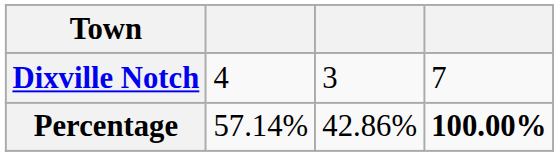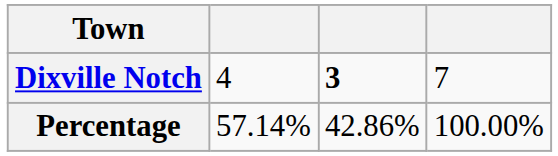 <table class="wikitable sortable" style=margin:auto;margin:auto>
 <tr valign=bottom>
 <th>Town</th>
 <th></th>
 <th></th>
 <th></th>
 </tr>
 <tr>
 <th><a href='#'>Dixville Notch</a></th>
 <td>4</td>
-<td>3</td>
+<td><strong>3</strong></td>
 <td>7</td>
 </tr>
 <tr>
 <th>Percentage</th>
 <td>57.14%</td>
 <td>42.86%</td>
-<td><strong>100.00%</strong></td>
+<td>100.00%</td>
 </tr>
 </table>
